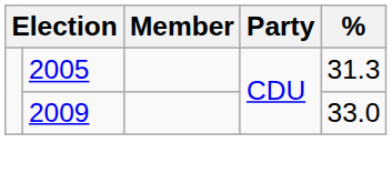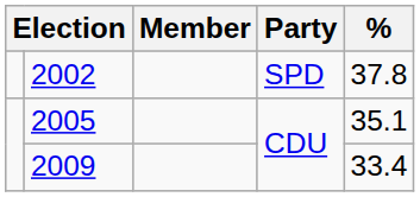 <table class="wikitable">
 <tr>
 <th colspan="2">Election</th>
 <th>Member</th>
 <th>Party</th>
 <th>%</th>
 </tr>
 <tr>
+<td></td>
+<td><a href='#'>2002</a></td>
+<td></td>
+<td><a href='#'>SPD</a></td>
+<td>37.8</td>
+</tr>
+<tr>
 <td rowspan="8"></td>
 <td><a href='#'>2005</a></td>
 <td></td>
 <td rowspan="2"><a href='#'>CDU</a></td>
-<td align="right">31.3</td>
+<td align="right">35.1</td>
 </tr>
 <tr>
 <td><a href='#'>2009</a></td>
 <td></td>
-<td align="right">33.0</td>
+<td align="right">33.4</td>
 </tr>
 </table>
